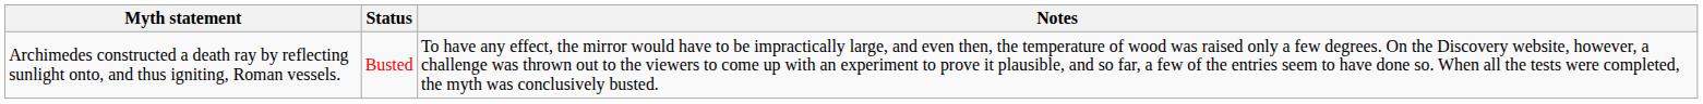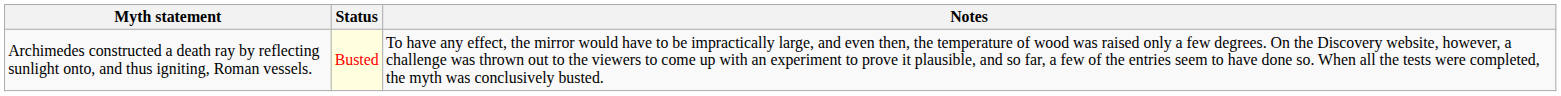 <table class="wikitable plainrowheaders">
 <tr>
 <th>Myth statement</th>
 <th>Status</th>
 <th>Notes</th>
 </tr>
 <tr>
 <td>Archimedes constructed a death ray by reflecting sunlight onto, and thus igniting, Roman vessels.</td>
-<td style="color:red">Busted</td>
+<td style="background: lightyellow; color:red">Busted</td>
 <td>To have any effect, the mirror would have to be impractically large, and even then, the temperature of wood was raised only a few degrees. On the Discovery website, however, a challenge was thrown out to the viewers to come up with an experiment to prove it plausible, and so far, a few of the entries seem to have done so. When all the tests were completed, the myth was conclusively busted.</td>
 </tr>
 </table>
